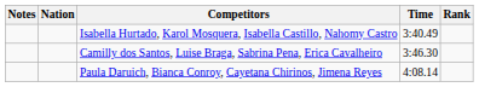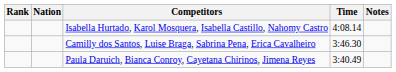 <table class="wikitable sortable" style="text-align:center; font-size:95%">
 <tr>
-<th>Notes</th>
+<th>Rank</th>
 <th>Nation</th>
 <th>Competitors</th>
 <th>Time</th>
-<th>Rank</th>
+<th>Notes</th>
 </tr>
 <tr>
 <td></td>
 <td align=left></td>
 <td align=left><a href='#'>Isabella Hurtado</a>, <a href='#'>Karol Mosquera</a>, <a href='#'>Isabella Castillo</a>, <a href='#'>Nahomy Castro</a></td>
-<td>3:40.49</td>
+<td>4:08.14</td>
 <td></td>
 </tr>
 <tr>
 <td></td>
 <td align=left></td>
 <td align=left><a href='#'>Camilly dos Santos</a>, <a href='#'>Luise Braga</a>, <a href='#'>Sabrina Pena</a>, <a href='#'>Erica Cavalheiro</a></td>
 <td>3:46.30</td>
 <td></td>
 </tr>
 <tr>
 <td></td>
 <td align=left></td>
 <td align=left><a href='#'>Paula Daruich</a>, <a href='#'>Bianca Conroy</a>, <a href='#'>Cayetana Chirinos</a>, <a href='#'>Jimena Reyes</a></td>
-<td>4:08.14</td>
+<td>3:40.49</td>
 <td></td>
 </tr>
 </table>
